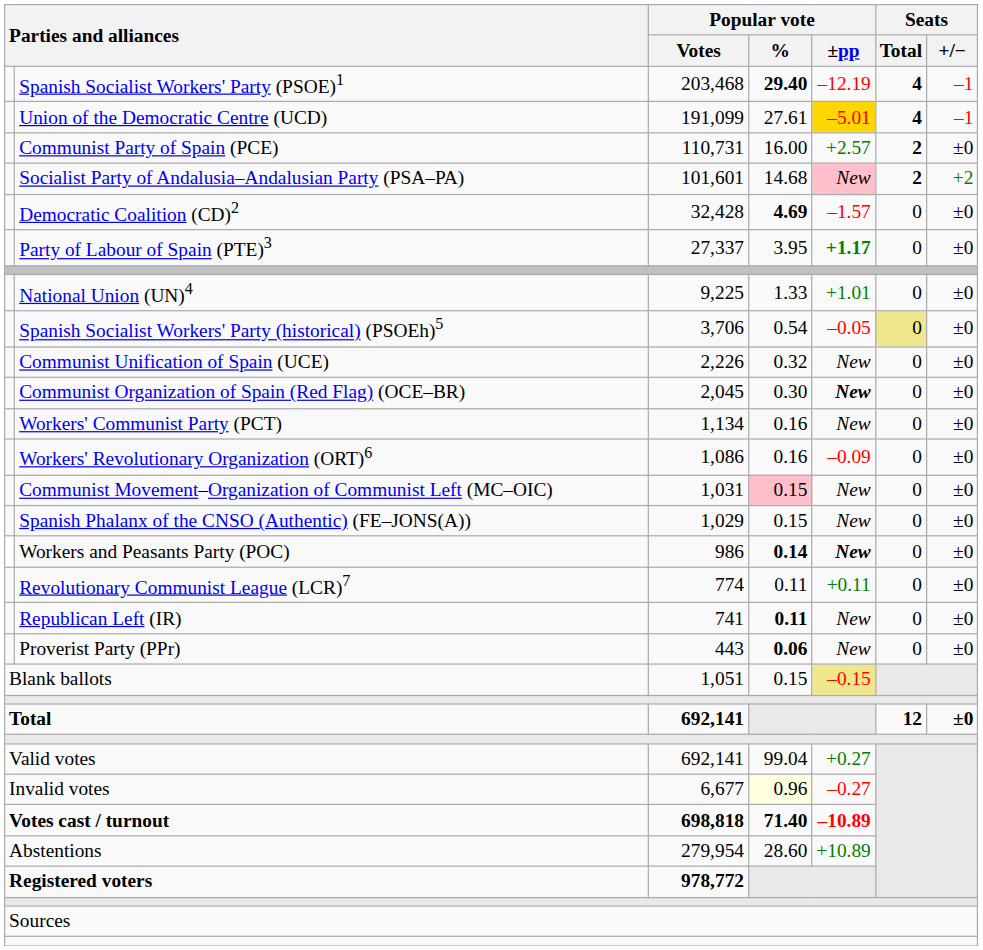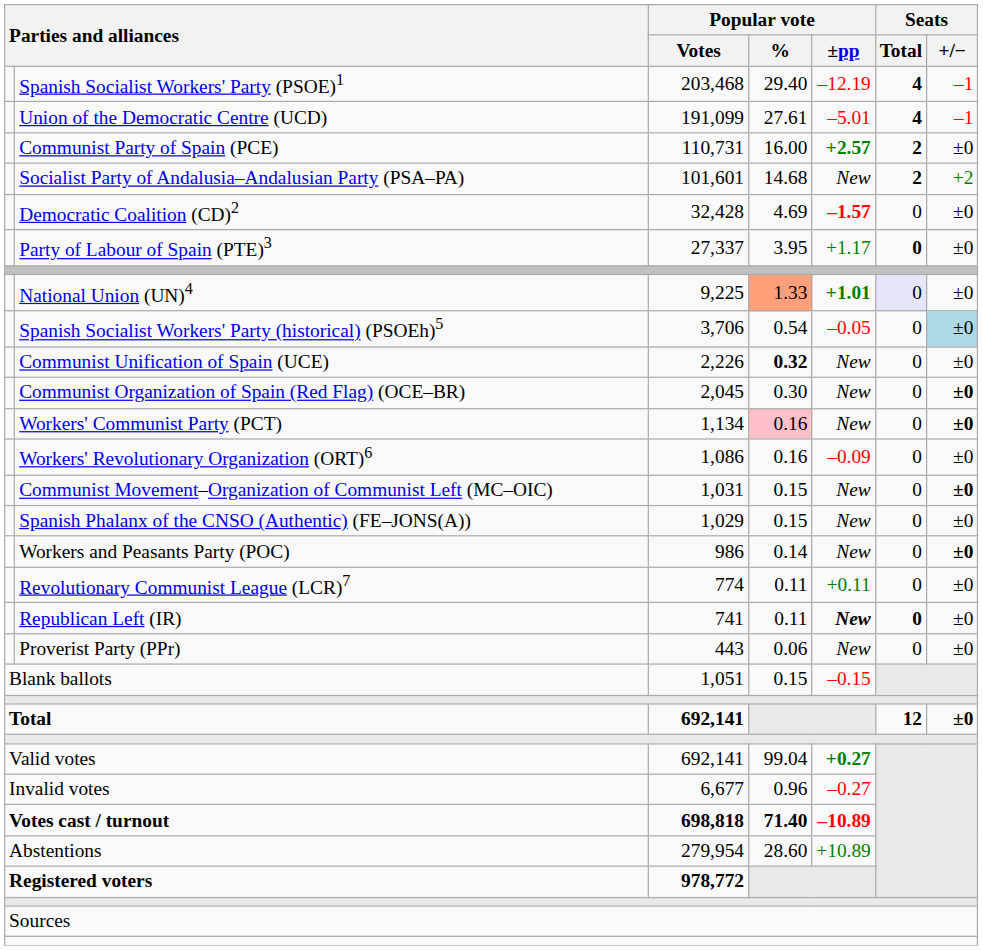 <table class="wikitable" style="text-align:right;">
 <tr>
 <th style="text-align:left;" rowspan="2" colspan="2" width="525">Parties and alliances</th>
 <th colspan="3">Popular vote</th>
 <th colspan="2">Seats</th>
 </tr>
 <tr>
 <th width="75">Votes</th>
 <th width="45">%</th>
 <th width="45">±<a href='#'>pp</a></th>
 <th width="35">Total</th>
 <th width="35">+/−</th>
 </tr>
 <tr>
 <td width="1" style="color:inherit;background:"></td>
 <td align="left"><a href='#'>Spanish Socialist Workers' Party</a> (PSOE)<sup>1</sup></td>
 <td>203,468</td>
-<td><strong>29.40</strong></td>
+<td>29.40</td>
 <td style="color:red;">–12.19</td>
 <td><strong>4</strong></td>
 <td style="color:red;">–1</td>
 </tr>
 <tr>
 <td style="color:inherit;background:"></td>
 <td align="left"><a href='#'>Union of the Democratic Centre</a> (UCD)</td>
 <td>191,099</td>
 <td>27.61</td>
-<td style="background: gold; color:red;">–5.01</td>
+<td style="color:red;">–5.01</td>
 <td><strong>4</strong></td>
 <td style="color:red;">–1</td>
 </tr>
 <tr>
 <td style="color:inherit;background:"></td>
 <td align="left"><a href='#'>Communist Party of Spain</a> (PCE)</td>
 <td>110,731</td>
 <td>16.00</td>
-<td style="color:green;">+2.57</td>
+<td style="color:green;"><strong>+2.57</strong></td>
 <td><strong>2</strong></td>
 <td>±0</td>
 </tr>
 <tr>
 <td style="color:inherit;background:"></td>
 <td align="left"><a href='#'>Socialist Party of Andalusia–Andalusian Party</a> (PSA–PA)</td>
 <td>101,601</td>
 <td>14.68</td>
-<td style="background: pink;"><em>New</em></td>
+<td><em>New</em></td>
 <td><strong>2</strong></td>
 <td style="color:green;">+2</td>
 </tr>
 <tr>
 <td style="color:inherit;background:"></td>
 <td align="left"><a href='#'>Democratic Coalition</a> (CD)<sup>2</sup></td>
 <td>32,428</td>
-<td><strong>4.69</strong></td>
-<td style="color:red;">–1.57</td>
+<td>4.69</td>
+<td style="color:red;"><strong>–1.57</strong></td>
 <td>0</td>
 <td>±0</td>
 </tr>
 <tr>
 <td style="color:inherit;background:"></td>
 <td align="left"><a href='#'>Party of Labour of Spain</a> (PTE)<sup>3</sup></td>
 <td>27,337</td>
 <td>3.95</td>
-<td style="color:green;"><strong>+1.17</strong></td>
-<td>0</td>
+<td style="color:green;">+1.17</td>
+<td><strong>0</strong></td>
 <td>±0</td>
 </tr>
 <tr>
 <td colspan="7" bgcolor="#C0C0C0"></td>
 </tr>
 <tr>
 <td style="color:inherit;background:"></td>
 <td align="left"><a href='#'>National Union</a> (UN)<sup>4</sup></td>
 <td>9,225</td>
-<td>1.33</td>
-<td style="color:green;">+1.01</td>
-<td>0</td>
+<td style="background: lightsalmon;">1.33</td>
+<td style="color:green;"><strong>+1.01</strong></td>
+<td style="background: lavender;">0</td>
 <td>±0</td>
 </tr>
 <tr>
 <td style="color:inherit;background:"></td>
 <td align="left"><a href='#'>Spanish Socialist Workers' Party (historical)</a> (PSOEh)<sup>5</sup></td>
 <td>3,706</td>
 <td>0.54</td>
 <td style="color:red;">–0.05</td>
-<td style="background: khaki;">0</td>
-<td>±0</td>
+<td>0</td>
+<td style="background: lightblue;">±0</td>
 </tr>
 <tr>
 <td style="color:inherit;background:"></td>
 <td align="left"><a href='#'>Communist Unification of Spain</a> (UCE)</td>
 <td>2,226</td>
-<td>0.32</td>
+<td><strong>0.32</strong></td>
 <td><em>New</em></td>
 <td>0</td>
 <td>±0</td>
 </tr>
 <tr>
 <td style="color:inherit;background:"></td>
 <td align="left"><a href='#'>Communist Organization of Spain (Red Flag)</a> (OCE–BR)</td>
 <td>2,045</td>
 <td>0.30</td>
-<td><strong><em>New</em></strong></td>
+<td><em>New</em></td>
 <td>0</td>
-<td>±0</td>
+<td><strong>±0</strong></td>
 </tr>
 <tr>
 <td style="color:inherit;background:"></td>
 <td align="left"><a href='#'>Workers' Communist Party</a> (PCT)</td>
 <td>1,134</td>
-<td>0.16</td>
+<td style="background: pink;">0.16</td>
 <td><em>New</em></td>
 <td>0</td>
-<td>±0</td>
+<td><strong>±0</strong></td>
 </tr>
 <tr>
 <td style="color:inherit;background:"></td>
 <td align="left"><a href='#'>Workers' Revolutionary Organization</a> (ORT)<sup>6</sup></td>
 <td>1,086</td>
 <td>0.16</td>
 <td style="color:red;">–0.09</td>
 <td>0</td>
 <td>±0</td>
 </tr>
 <tr>
 <td style="color:inherit;background:"></td>
 <td align="left"><a href='#'>Communist Movement</a>–<a href='#'>Organization of Communist Left</a> (MC–OIC)</td>
 <td>1,031</td>
-<td style="background: pink;">0.15</td>
+<td>0.15</td>
 <td><em>New</em></td>
 <td>0</td>
-<td>±0</td>
+<td><strong>±0</strong></td>
 </tr>
 <tr>
 <td style="color:inherit;background:"></td>
 <td align="left"><a href='#'>Spanish Phalanx of the CNSO (Authentic)</a> (FE–JONS(A))</td>
 <td>1,029</td>
 <td>0.15</td>
 <td><em>New</em></td>
 <td>0</td>
 <td>±0</td>
 </tr>
 <tr>
 <td bgcolor="white"></td>
 <td align="left">Workers and Peasants Party (POC)</td>
 <td>986</td>
-<td><strong>0.14</strong></td>
-<td><strong><em>New</em></strong></td>
+<td>0.14</td>
+<td><em>New</em></td>
 <td>0</td>
-<td>±0</td>
+<td><strong>±0</strong></td>
 </tr>
 <tr>
 <td style="color:inherit;background:"></td>
 <td align="left"><a href='#'>Revolutionary Communist League</a> (LCR)<sup>7</sup></td>
 <td>774</td>
 <td>0.11</td>
 <td style="color:green;">+0.11</td>
 <td>0</td>
 <td>±0</td>
 </tr>
 <tr>
 <td style="color:inherit;background:"></td>
 <td align="left"><a href='#'>Republican Left</a> (IR)</td>
 <td>741</td>
-<td><strong>0.11</strong></td>
-<td><em>New</em></td>
-<td>0</td>
+<td>0.11</td>
+<td><strong><em>New</em></strong></td>
+<td><strong>0</strong></td>
 <td>±0</td>
 </tr>
 <tr>
 <td style="color:inherit;background:"></td>
 <td align="left">Proverist Party (PPr)</td>
 <td>443</td>
-<td><strong>0.06</strong></td>
+<td>0.06</td>
 <td><em>New</em></td>
 <td>0</td>
 <td>±0</td>
 </tr>
 <tr>
 <td align="left" colspan="2">Blank ballots</td>
 <td>1,051</td>
 <td>0.15</td>
-<td style="background: khaki; color:red;">–0.15</td>
+<td style="color:red;">–0.15</td>
 <td bgcolor="#E9E9E9" colspan="2"></td>
 </tr>
 <tr>
 <td colspan="7" bgcolor="#E9E9E9"></td>
 </tr>
 <tr style="font-weight:bold;">
 <td align="left" colspan="2">Total</td>
 <td>692,141</td>
 <td bgcolor="#E9E9E9" colspan="2"></td>
 <td>12</td>
 <td>±0</td>
 </tr>
 <tr>
 <td colspan="7" bgcolor="#E9E9E9"></td>
 </tr>
 <tr>
 <td align="left" colspan="2">Valid votes</td>
 <td>692,141</td>
 <td>99.04</td>
-<td style="color:green;">+0.27</td>
+<td style="color:green;"><strong>+0.27</strong></td>
 <td bgcolor="#E9E9E9" colspan="2" rowspan="5"></td>
 </tr>
 <tr>
 <td align="left" colspan="2">Invalid votes</td>
 <td>6,677</td>
-<td style="background: lightyellow;">0.96</td>
+<td>0.96</td>
 <td style="color:red;">–0.27</td>
 </tr>
 <tr style="font-weight:bold;">
 <td align="left" colspan="2">Votes cast / turnout</td>
 <td>698,818</td>
 <td>71.40</td>
 <td style="color:red;">–10.89</td>
 </tr>
 <tr>
 <td align="left" colspan="2">Abstentions</td>
 <td>279,954</td>
 <td>28.60</td>
 <td style="color:green;">+10.89</td>
 </tr>
 <tr style="font-weight:bold;">
 <td align="left" colspan="2">Registered voters</td>
 <td>978,772</td>
 <td bgcolor="#E9E9E9" colspan="2"></td>
 </tr>
 <tr>
 <td colspan="7" bgcolor="#E9E9E9"></td>
 </tr>
 <tr>
 <td align="left" colspan="7">Sources</td>
 </tr>
 <tr>
 <td colspan="7" style="text-align:left; max-width:790px;"></td>
 </tr>
 </table>
